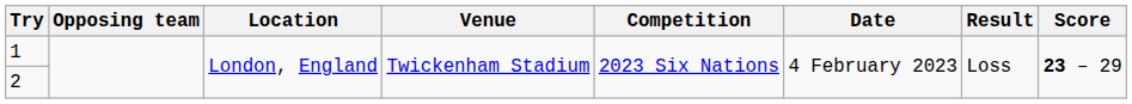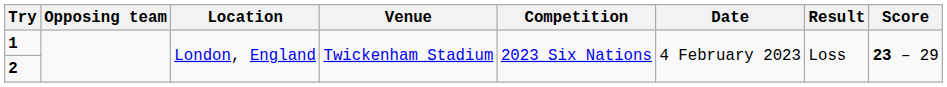 <table class="wikitable" style="font-size:100%">
 <tr>
 <th>Try</th>
 <th>Opposing team</th>
 <th>Location</th>
 <th>Venue</th>
 <th>Competition</th>
 <th>Date</th>
 <th>Result</th>
 <th>Score</th>
 </tr>
 <tr>
-<td>1</td>
+<td><strong>1</strong></td>
 <td rowspan="2"></td>
 <td rowspan="2"><a href='#'>London</a>, <a href='#'>England</a></td>
 <td rowspan="2"><a href='#'>Twickenham Stadium</a></td>
 <td rowspan="2"><a href='#'>2023 Six Nations</a></td>
 <td rowspan="2">4 February 2023</td>
 <td rowspan="2">Loss</td>
 <td rowspan="2"><strong>23</strong> – 29</td>
 </tr>
 <tr>
-<td>2</td>
+<td><strong>2</strong></td>
 </tr>
 </table>
